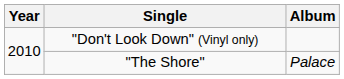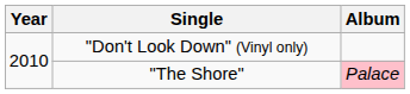 <table class="wikitable" style="text-align:center;">
 <tr>
 <th scope="col">Year</th>
 <th scope="col" style="width:16em;">Single</th>
 <th scope="col">Album</th>
 </tr>
 <tr>
 <td rowspan="2">2010</td>
 <td scope="row">"Don't Look Down" <small>(Vinyl only)</small> </td>
 <td></td>
 </tr>
 <tr>
 <td scope="row">"The Shore" </td>
-<td><em>Palace</em></td>
+<td style="background: pink;"><em>Palace</em></td>
 </tr>
 </table>
